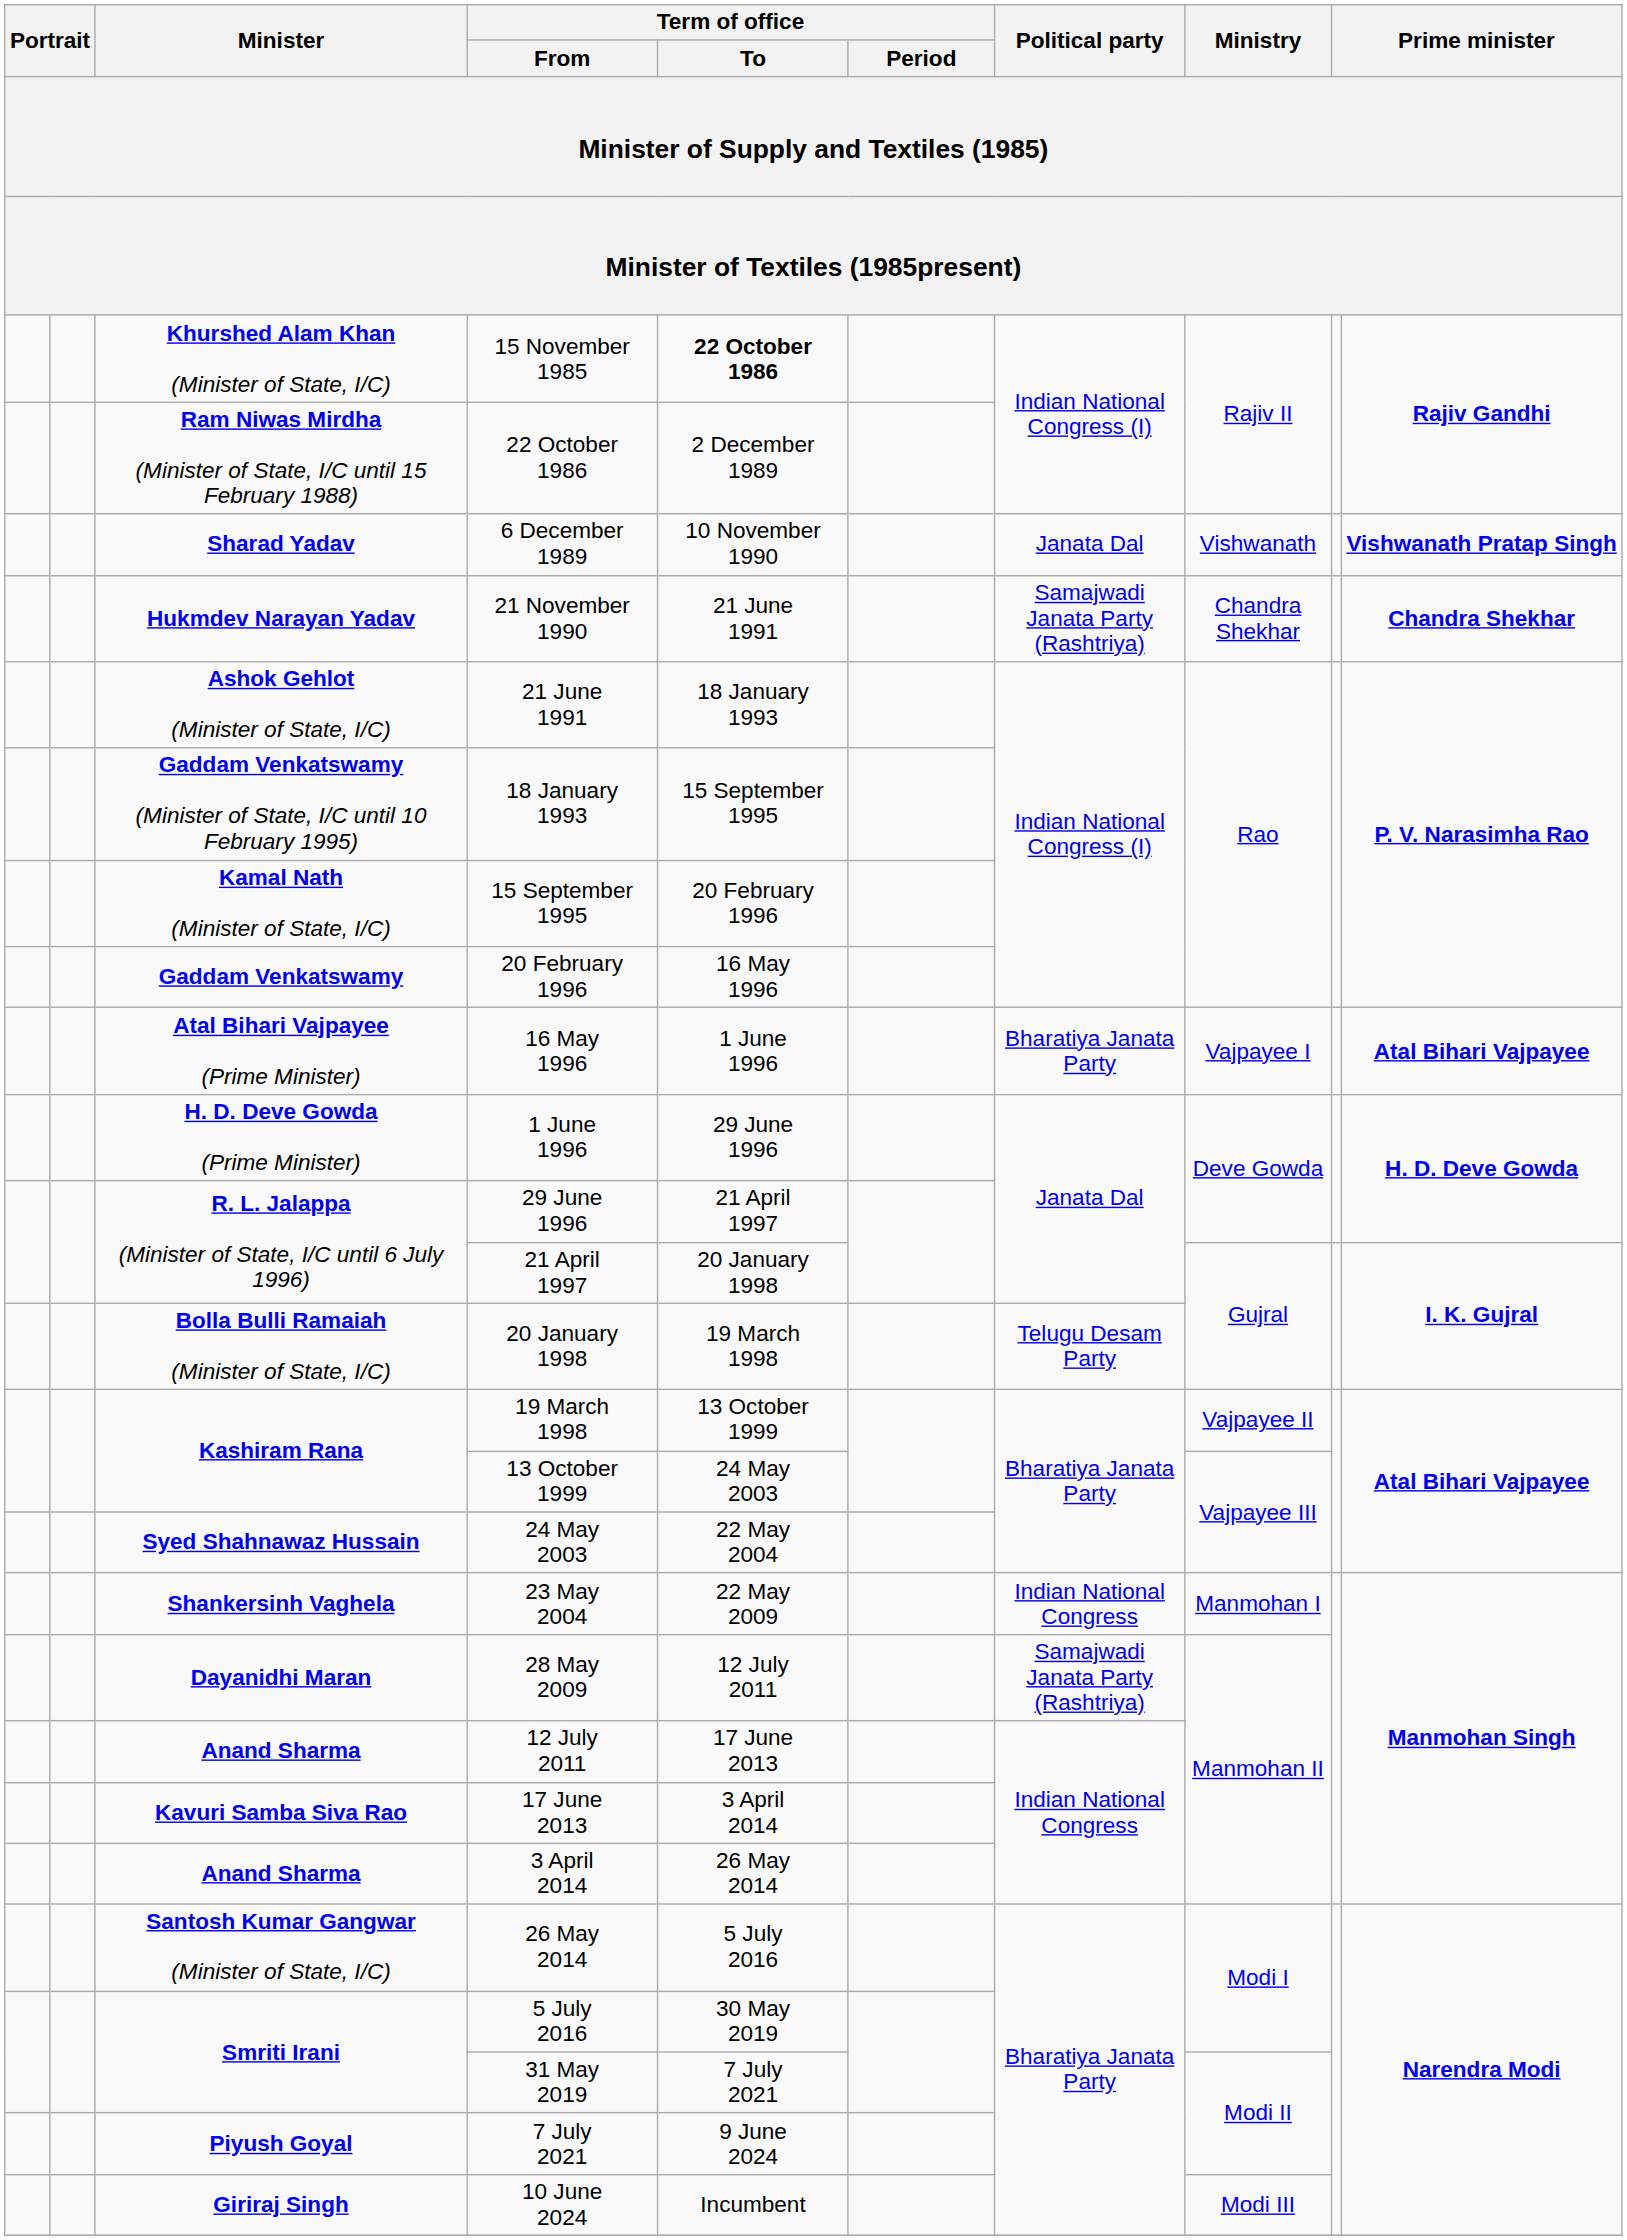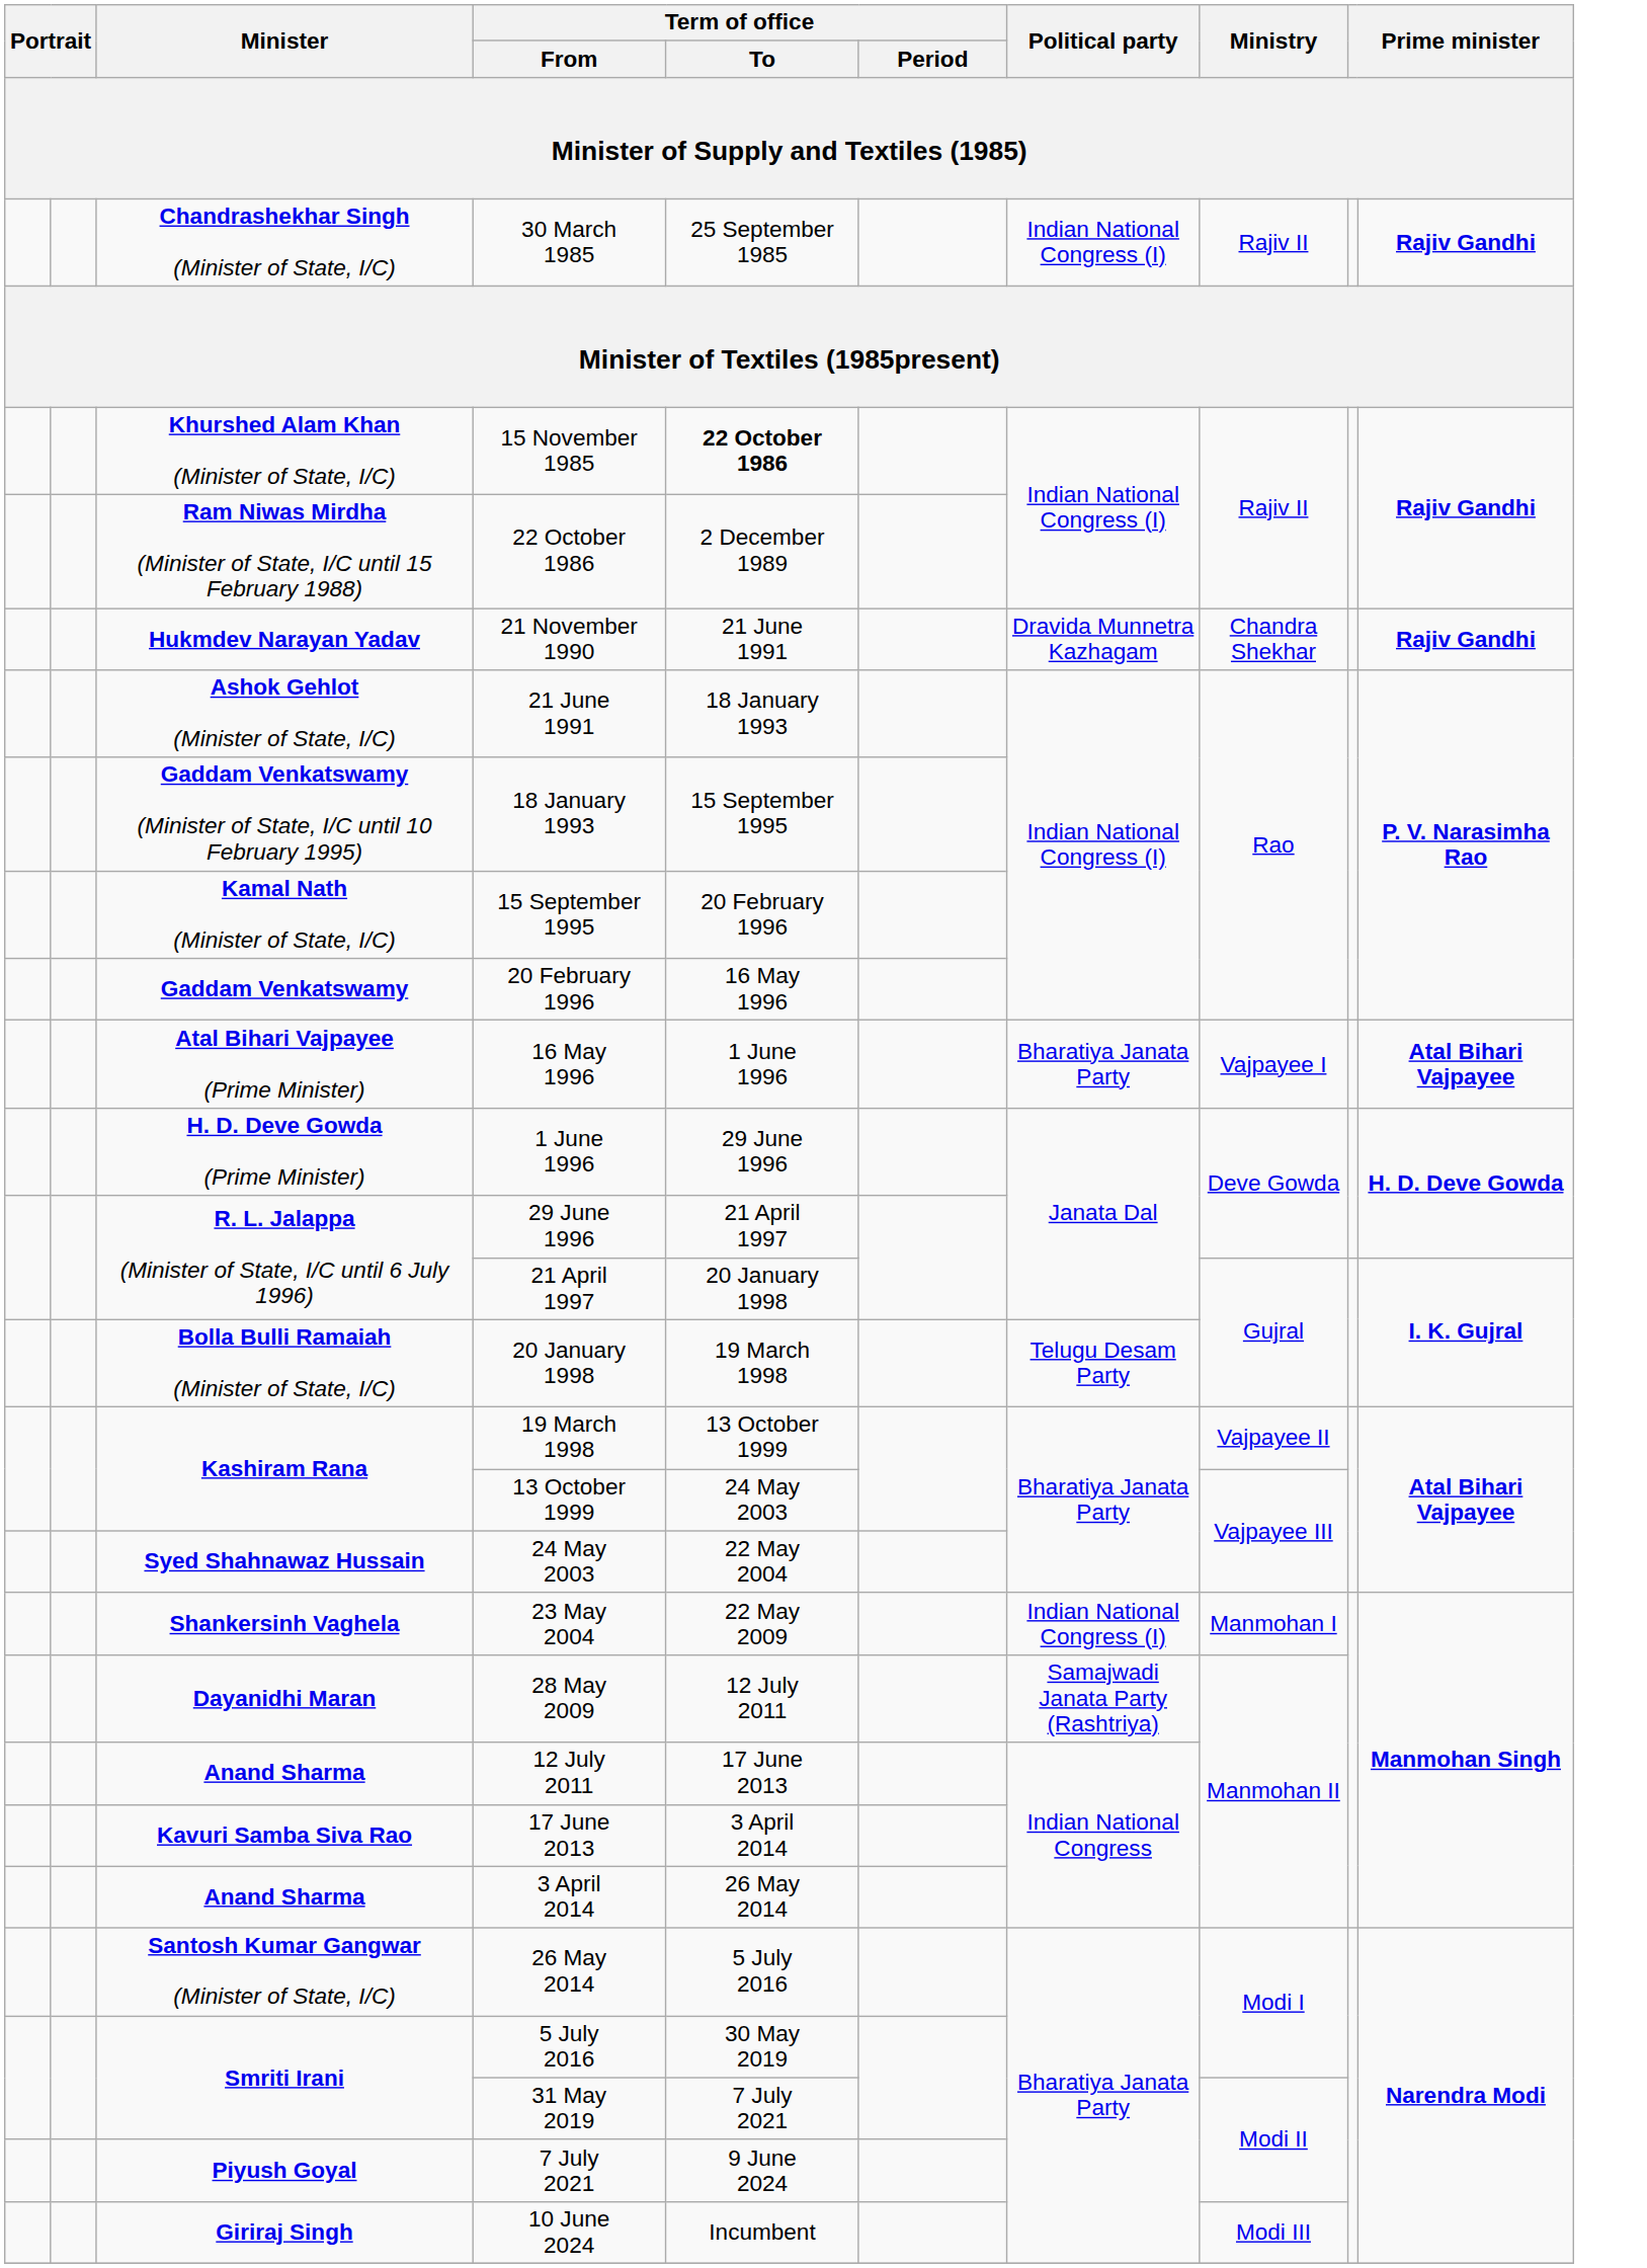 <table class="wikitable" style="text-align:center">
 <tr>
 <th rowspan="2" colspan="2">Portrait</th>
 <th rowspan="2" style="width:16em">Minister<br></th>
 <th colspan="3">Term of office</th>
 <th rowspan="2" style="width:8em">Political party</th>
 <th rowspan="2" style="width:6em">Ministry</th>
 <th rowspan="2" colspan="2">Prime minister</th>
 </tr>
 <tr>
 <th style="width:8em">From</th>
 <th style="width:8em">To</th>
 <th style="width:6em">Period</th>
 </tr>
 <tr>
 <th colspan="10"><br><h3>Minister of Supply and Textiles (1985)</h3></th>
+</tr>
+<tr>
+<td></td>
+<td></td>
+<td><strong><a href='#'>Chandrashekhar Singh</a></strong><br><br><em>(Minister of State, I/C)</em></td>
+<td>30 March<br>1985</td>
+<td>25 September<br>1985</td>
+<td><strong></strong></td>
+<td><a href='#'>Indian National Congress (I)</a></td>
+<td><a href='#'>Rajiv II</a></td>
+<td></td>
+<td style="width:9em"><strong><a href='#'>Rajiv Gandhi</a></strong></td>
 </tr>
 <tr>
 <th colspan="10"><br><h3>Minister of Textiles (1985present)</h3></th>
 </tr>
 <tr>
 <td></td>
 <td></td>
 <td><strong><a href='#'>Khurshed Alam Khan</a></strong><br><br><em>(Minister of State, I/C)</em></td>
 <td>15 November<br>1985</td>
 <td><strong>22 October<br>1986</strong></td>
 <td><strong></strong></td>
 <td rowspan="2"><a href='#'>Indian National Congress (I)</a></td>
 <td rowspan="2"><a href='#'>Rajiv II</a></td>
 <td rowspan="2"></td>
 <td rowspan="2"><strong><a href='#'>Rajiv Gandhi</a></strong></td>
 </tr>
 <tr>
 <td></td>
 <td></td>
 <td><strong><a href='#'>Ram Niwas Mirdha</a></strong><br><br><em>(Minister of State, I/C until 15 February 1988)</em></td>
 <td>22 October<br>1986</td>
 <td>2 December<br>1989</td>
 <td><strong></strong></td>
 </tr>
 <tr>
 <td></td>
 <td></td>
-<td><strong><a href='#'>Sharad Yadav</a></strong><br></td>
-<td>6 December<br>1989</td>
-<td>10 November<br>1990</td>
-<td><strong></strong></td>
-<td><a href='#'>Janata Dal</a></td>
-<td><a href='#'>Vishwanath</a></td>
-<td></td>
-<td><strong><a href='#'>Vishwanath Pratap Singh</a></strong></td>
-</tr>
-<tr>
-<td></td>
-<td></td>
 <td><strong><a href='#'>Hukmdev Narayan Yadav</a></strong><br></td>
 <td>21 November<br>1990</td>
 <td>21 June<br>1991</td>
 <td><strong></strong></td>
-<td><a href='#'>Samajwadi Janata Party (Rashtriya)</a></td>
+<td><a href='#'>Dravida Munnetra Kazhagam</a></td>
 <td><a href='#'>Chandra Shekhar</a></td>
 <td></td>
-<td><strong><a href='#'>Chandra Shekhar</a></strong></td>
+<td style="width:9em"><strong><a href='#'>Rajiv Gandhi</a></strong></td>
 </tr>
 <tr>
 <td></td>
 <td></td>
 <td><strong><a href='#'>Ashok Gehlot</a></strong><br><br><em>(Minister of State, I/C)</em></td>
 <td>21 June<br>1991</td>
 <td>18 January<br>1993</td>
 <td><strong></strong></td>
 <td rowspan="4"><a href='#'>Indian National Congress (I)</a></td>
 <td rowspan="4"><a href='#'>Rao</a></td>
 <td rowspan="4"></td>
 <td rowspan="4"><strong><a href='#'>P. V. Narasimha Rao</a></strong></td>
 </tr>
 <tr>
 <td></td>
 <td></td>
 <td><strong><a href='#'>Gaddam Venkatswamy</a></strong><br><br><em>(Minister of State, I/C until 10 February 1995)</em></td>
 <td>18 January<br>1993</td>
 <td>15 September<br>1995</td>
 <td><strong></strong></td>
 </tr>
 <tr>
 <td></td>
 <td></td>
 <td><strong><a href='#'>Kamal Nath</a></strong><br><br><em>(Minister of State, I/C)</em></td>
 <td>15 September<br>1995</td>
 <td>20 February<br>1996</td>
 <td><strong></strong></td>
 </tr>
 <tr>
 <td></td>
 <td></td>
 <td><strong><a href='#'>Gaddam Venkatswamy</a></strong><br></td>
 <td>20 February<br>1996</td>
 <td>16 May<br>1996</td>
 <td><strong></strong></td>
 </tr>
 <tr>
 <td></td>
 <td></td>
 <td><strong><a href='#'>Atal Bihari Vajpayee</a></strong><br><br><em>(Prime Minister)</em></td>
 <td>16 May<br>1996</td>
 <td>1 June<br>1996</td>
 <td><strong></strong></td>
 <td><a href='#'>Bharatiya Janata Party</a></td>
 <td><a href='#'>Vajpayee I</a></td>
 <td></td>
 <td><strong><a href='#'>Atal Bihari Vajpayee</a></strong></td>
 </tr>
 <tr>
 <td></td>
 <td></td>
 <td><strong><a href='#'>H. D. Deve Gowda</a></strong><br><br><em>(Prime Minister)</em></td>
 <td>1 June<br>1996</td>
 <td>29 June<br>1996</td>
 <td><strong></strong></td>
 <td rowspan="3"><a href='#'>Janata Dal</a></td>
 <td rowspan="2"><a href='#'>Deve Gowda</a></td>
 <td rowspan="2"></td>
 <td rowspan="2"><strong><a href='#'>H. D. Deve Gowda</a></strong></td>
 </tr>
 <tr>
 <td rowspan="2"></td>
 <td rowspan="2"></td>
 <td rowspan="2"><strong><a href='#'>R. L. Jalappa</a></strong><br><br><em>(Minister of State, I/C until 6 July 1996)</em></td>
 <td>29 June<br>1996</td>
 <td>21 April<br>1997</td>
 <td rowspan="2"><strong></strong></td>
 </tr>
 <tr>
 <td>21 April<br>1997</td>
 <td>20 January<br>1998</td>
 <td rowspan="2"><a href='#'>Gujral</a></td>
 <td rowspan="2"></td>
 <td rowspan="2"><strong><a href='#'>I. K. Gujral</a></strong></td>
 </tr>
 <tr>
 <td></td>
 <td></td>
 <td><strong><a href='#'>Bolla Bulli Ramaiah</a></strong><br><br><em>(Minister of State, I/C)</em></td>
 <td>20 January<br>1998</td>
 <td>19 March<br>1998</td>
 <td><strong></strong></td>
 <td><a href='#'>Telugu Desam Party</a></td>
 </tr>
 <tr>
 <td rowspan="2"></td>
 <td rowspan="2"></td>
 <td rowspan="2"><strong><a href='#'>Kashiram Rana</a></strong><br></td>
 <td>19 March<br>1998</td>
 <td>13 October<br>1999</td>
 <td rowspan="2"><strong></strong></td>
 <td rowspan="3"><a href='#'>Bharatiya Janata Party</a></td>
 <td><a href='#'>Vajpayee II</a></td>
 <td rowspan="3"></td>
 <td rowspan="3"><strong><a href='#'>Atal Bihari Vajpayee</a></strong></td>
 </tr>
 <tr>
 <td>13 October<br>1999</td>
 <td>24 May<br>2003</td>
 <td rowspan="2"><a href='#'>Vajpayee III</a></td>
 </tr>
 <tr>
 <td></td>
 <td></td>
 <td><strong><a href='#'>Syed Shahnawaz Hussain</a></strong><br></td>
 <td>24 May<br>2003</td>
 <td>22 May<br>2004</td>
 <td><strong></strong></td>
 </tr>
 <tr>
 <td></td>
 <td></td>
 <td><strong><a href='#'>Shankersinh Vaghela</a></strong><br></td>
 <td>23 May<br>2004</td>
 <td>22 May<br>2009</td>
 <td><strong></strong></td>
-<td><a href='#'>Indian National Congress</a></td>
+<td><a href='#'>Indian National Congress (I)</a></td>
 <td><a href='#'>Manmohan I</a></td>
 <td rowspan="5"></td>
 <td rowspan="5"><strong><a href='#'>Manmohan Singh</a></strong></td>
 </tr>
 <tr>
 <td></td>
 <td></td>
 <td><strong><a href='#'>Dayanidhi Maran</a></strong><br></td>
 <td>28 May<br>2009</td>
 <td>12 July<br>2011</td>
 <td><strong></strong></td>
 <td><a href='#'>Samajwadi Janata Party (Rashtriya)</a></td>
 <td rowspan="4"><a href='#'>Manmohan II</a></td>
 </tr>
 <tr>
 <td></td>
 <td></td>
 <td><strong><a href='#'>Anand Sharma</a></strong><br></td>
 <td>12 July<br>2011</td>
 <td>17 June<br>2013</td>
 <td><strong></strong></td>
 <td rowspan="3"><a href='#'>Indian National Congress</a></td>
 </tr>
 <tr>
 <td></td>
 <td></td>
 <td><strong><a href='#'>Kavuri Samba Siva Rao</a></strong><br></td>
 <td>17 June<br>2013</td>
 <td>3 April<br>2014</td>
 <td><strong></strong></td>
 </tr>
 <tr>
 <td></td>
 <td></td>
 <td><strong><a href='#'>Anand Sharma</a></strong><br></td>
 <td>3 April<br>2014</td>
 <td>26 May<br>2014</td>
 <td><strong></strong></td>
 </tr>
 <tr>
 <td></td>
 <td></td>
 <td><strong><a href='#'>Santosh Kumar Gangwar</a></strong><br><br><em>(Minister of State, I/C)</em></td>
 <td>26 May<br>2014</td>
 <td>5 July<br>2016</td>
 <td><strong></strong></td>
 <td rowspan="5"><a href='#'>Bharatiya Janata Party</a></td>
 <td rowspan="2"><a href='#'>Modi I</a></td>
 <td rowspan="5"></td>
 <td rowspan="5"><strong><a href='#'>Narendra Modi</a></strong></td>
 </tr>
 <tr>
 <td rowspan="2"></td>
 <td rowspan="2"></td>
 <td rowspan="2"><strong><a href='#'>Smriti Irani</a></strong><br></td>
 <td>5 July<br>2016</td>
 <td>30 May<br>2019</td>
 <td rowspan="2"><strong></strong></td>
 </tr>
 <tr>
 <td>31 May<br>2019</td>
 <td>7 July<br>2021</td>
 <td rowspan="2"><a href='#'>Modi II</a></td>
 </tr>
 <tr>
 <td></td>
 <td></td>
 <td><strong><a href='#'>Piyush Goyal</a></strong><br></td>
 <td>7 July<br>2021</td>
 <td>9 June<br>2024</td>
 <td><strong></strong></td>
 </tr>
 <tr>
 <td></td>
 <td></td>
 <td><strong><a href='#'>Giriraj Singh</a></strong><br></td>
 <td>10 June<br>2024</td>
 <td>Incumbent</td>
 <td><strong></strong></td>
 <td><a href='#'>Modi III</a></td>
 </tr>
 <tr>
 </tr>
 </table>
